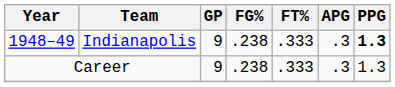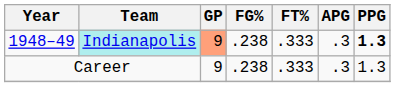 <table class="wikitable sortable" style="font-size:95%; text-align:right;">
 <tr>
 <th>Year</th>
 <th>Team</th>
 <th>GP</th>
 <th>FG%</th>
 <th>FT%</th>
 <th>APG</th>
 <th>PPG</th>
 </tr>
 <tr>
 <td style="text-align:left;"><a href='#'>1948–49</a></td>
-<td style="text-align:left;"><a href='#'>Indianapolis</a></td>
-<td>9</td>
+<td style="background: paleturquoise; text-align:left;"><a href='#'>Indianapolis</a></td>
+<td style="background: lightsalmon;">9</td>
 <td>.238</td>
 <td>.333</td>
 <td>.3</td>
 <td><strong>1.3</strong></td>
 </tr>
 <tr>
 <td style="text-align:center;" colspan="2">Career</td>
 <td>9</td>
 <td>.238</td>
 <td>.333</td>
 <td>.3</td>
 <td>1.3</td>
 </tr>
 <tr>
 </tr>
 </table>
